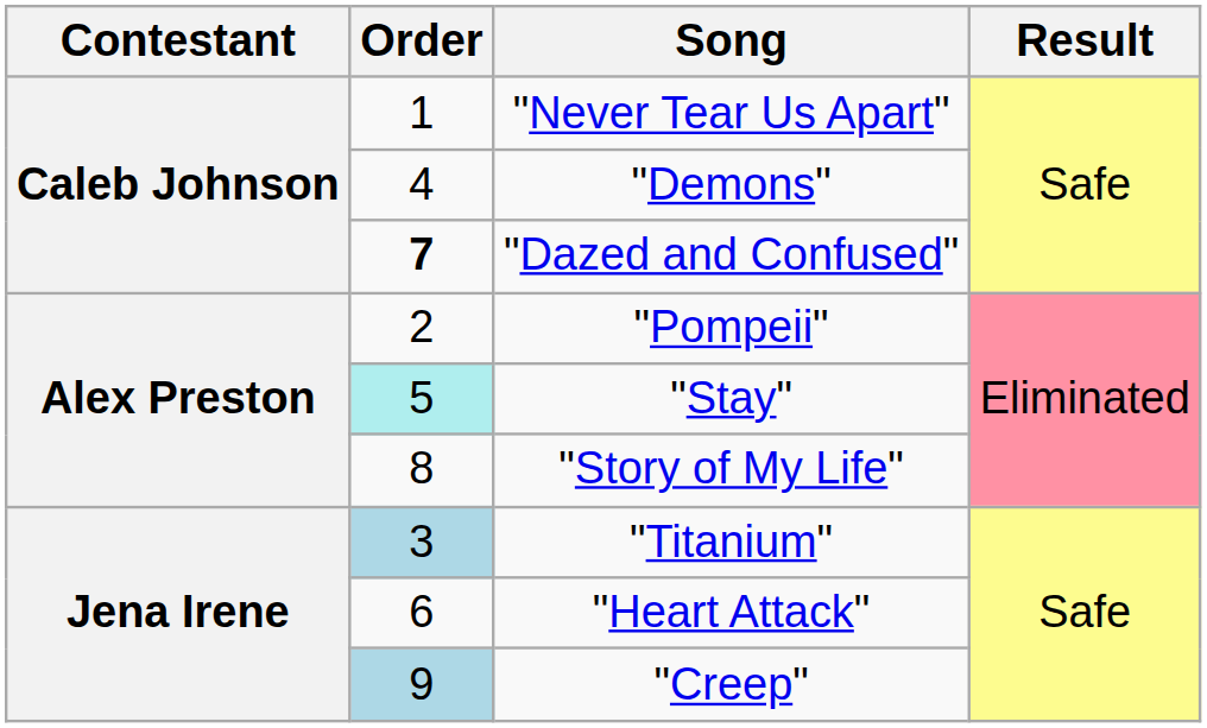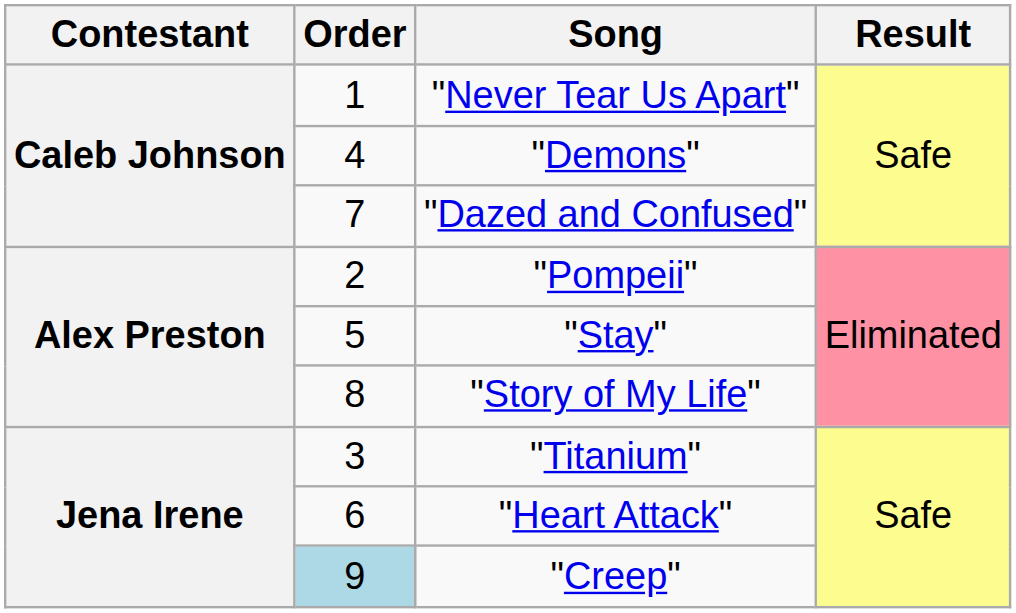 <table class="wikitable unsortable" style="text-align:center;">
 <tr>
 <th scope="col">Contestant</th>
 <th scope="col">Order</th>
 <th scope="col">Song</th>
 <th scope="col">Result</th>
 </tr>
 <tr>
 <th scope="row" rowspan="3">Caleb Johnson</th>
 <td>1</td>
 <td>"<a href='#'>Never Tear Us Apart</a>"</td>
 <td rowspan="3" style="background:#fdfc8f;">Safe</td>
 </tr>
 <tr>
 <td>4</td>
 <td>"<a href='#'>Demons</a>"</td>
 </tr>
 <tr>
-<td><strong>7</strong></td>
+<td>7</td>
 <td>"<a href='#'>Dazed and Confused</a>"</td>
 </tr>
 <tr>
 <th scope="row" rowspan="3">Alex Preston</th>
 <td>2</td>
 <td>"<a href='#'>Pompeii</a>"</td>
 <td rowspan="3" bgcolor="FF91A4">Eliminated</td>
 </tr>
 <tr>
-<td style="background: paleturquoise;">5</td>
+<td>5</td>
 <td>"<a href='#'>Stay</a>"</td>
 </tr>
 <tr>
 <td>8</td>
 <td>"<a href='#'>Story of My Life</a>"</td>
 </tr>
 <tr>
 <th scope="row" rowspan="3">Jena Irene</th>
-<td style="background: lightblue;">3</td>
+<td>3</td>
 <td>"<a href='#'>Titanium</a>"</td>
 <td rowspan="3" style="background:#fdfc8f;">Safe</td>
 </tr>
 <tr>
 <td>6</td>
 <td>"<a href='#'>Heart Attack</a>"</td>
 </tr>
 <tr>
 <td style="background: lightblue;">9</td>
 <td>"<a href='#'>Creep</a>"</td>
 </tr>
 </table>
